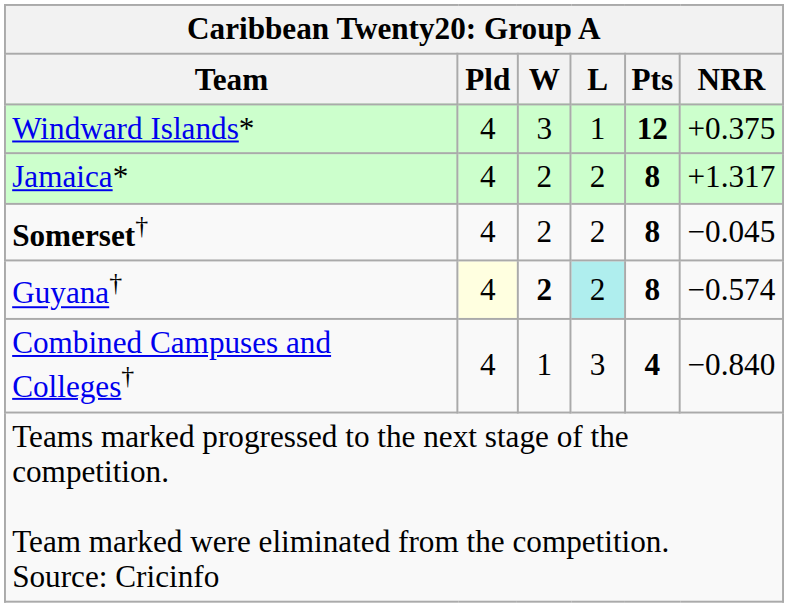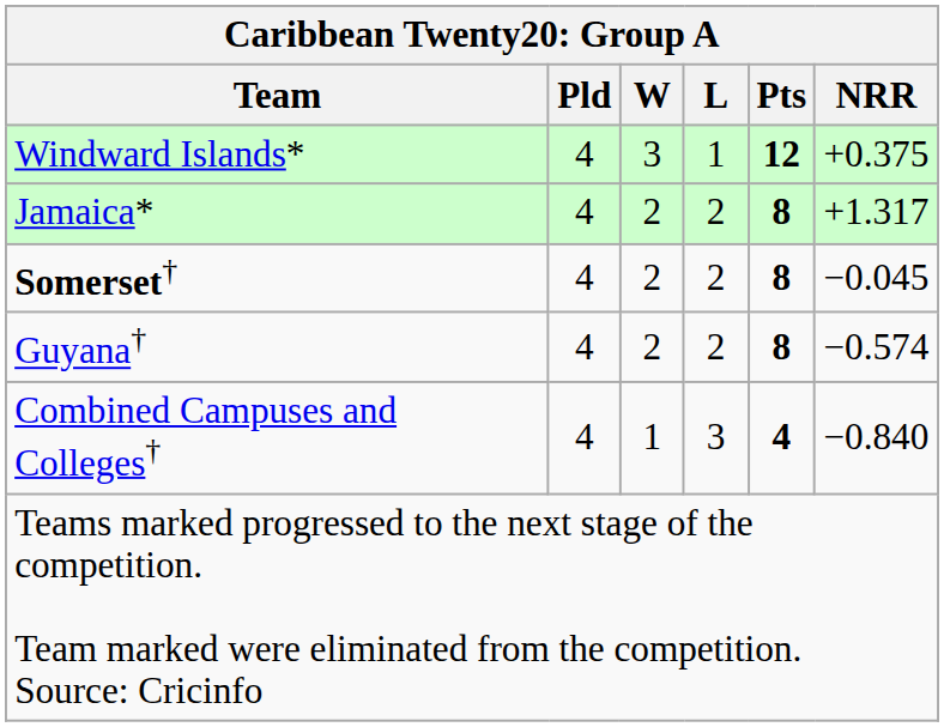 <table class="wikitable" style="text-align:center;">
 <tr>
 <th colspan="8">Caribbean Twenty20: Group A</th>
 </tr>
 <tr>
 <th width=225>Team</th>
 <th width=20 abbr="Played">Pld</th>
 <th width=20 abbr="Won">W</th>
 <th width=20 abbr="Lost">L</th>
 <th width=20 abbr="Points">Pts</th>
 <th width=20 abbr="Net run rate">NRR</th>
 </tr>
 <tr style="background:#ccffcc;">
 <td style="text-align:left;"><a href='#'>Windward Islands</a>*</td>
 <td>4</td>
 <td>3</td>
 <td>1</td>
 <td><strong>12</strong></td>
 <td>+0.375</td>
 </tr>
 <tr style="background:#ccffcc;">
 <td style="text-align:left;"><a href='#'>Jamaica</a>*</td>
 <td>4</td>
 <td>2</td>
 <td>2</td>
 <td><strong>8</strong></td>
 <td>+1.317</td>
 </tr>
 <tr>
 <td style="text-align:left;"><strong>Somerset</strong><sup>†</sup></td>
 <td>4</td>
 <td>2</td>
 <td>2</td>
 <td><strong>8</strong></td>
 <td>−0.045</td>
 </tr>
 <tr>
 <td style="text-align:left;"><a href='#'>Guyana</a><sup>†</sup></td>
-<td style="background: lightyellow;">4</td>
-<td><strong>2</strong></td>
-<td style="background: paleturquoise;">2</td>
+<td>4</td>
+<td>2</td>
+<td>2</td>
 <td><strong>8</strong></td>
 <td>−0.574</td>
 </tr>
 <tr>
 <td style="text-align:left;"><a href='#'>Combined Campuses and Colleges</a><sup>†</sup></td>
 <td>4</td>
 <td>1</td>
 <td>3</td>
 <td><strong>4</strong></td>
 <td>−0.840</td>
 </tr>
 <tr>
 <td colspan="8" align="left">Teams marked  progressed to the next stage of the competition.<br><br>Team marked  were eliminated from the competition.<br>Source: Cricinfo</td>
 </tr>
 </table>
